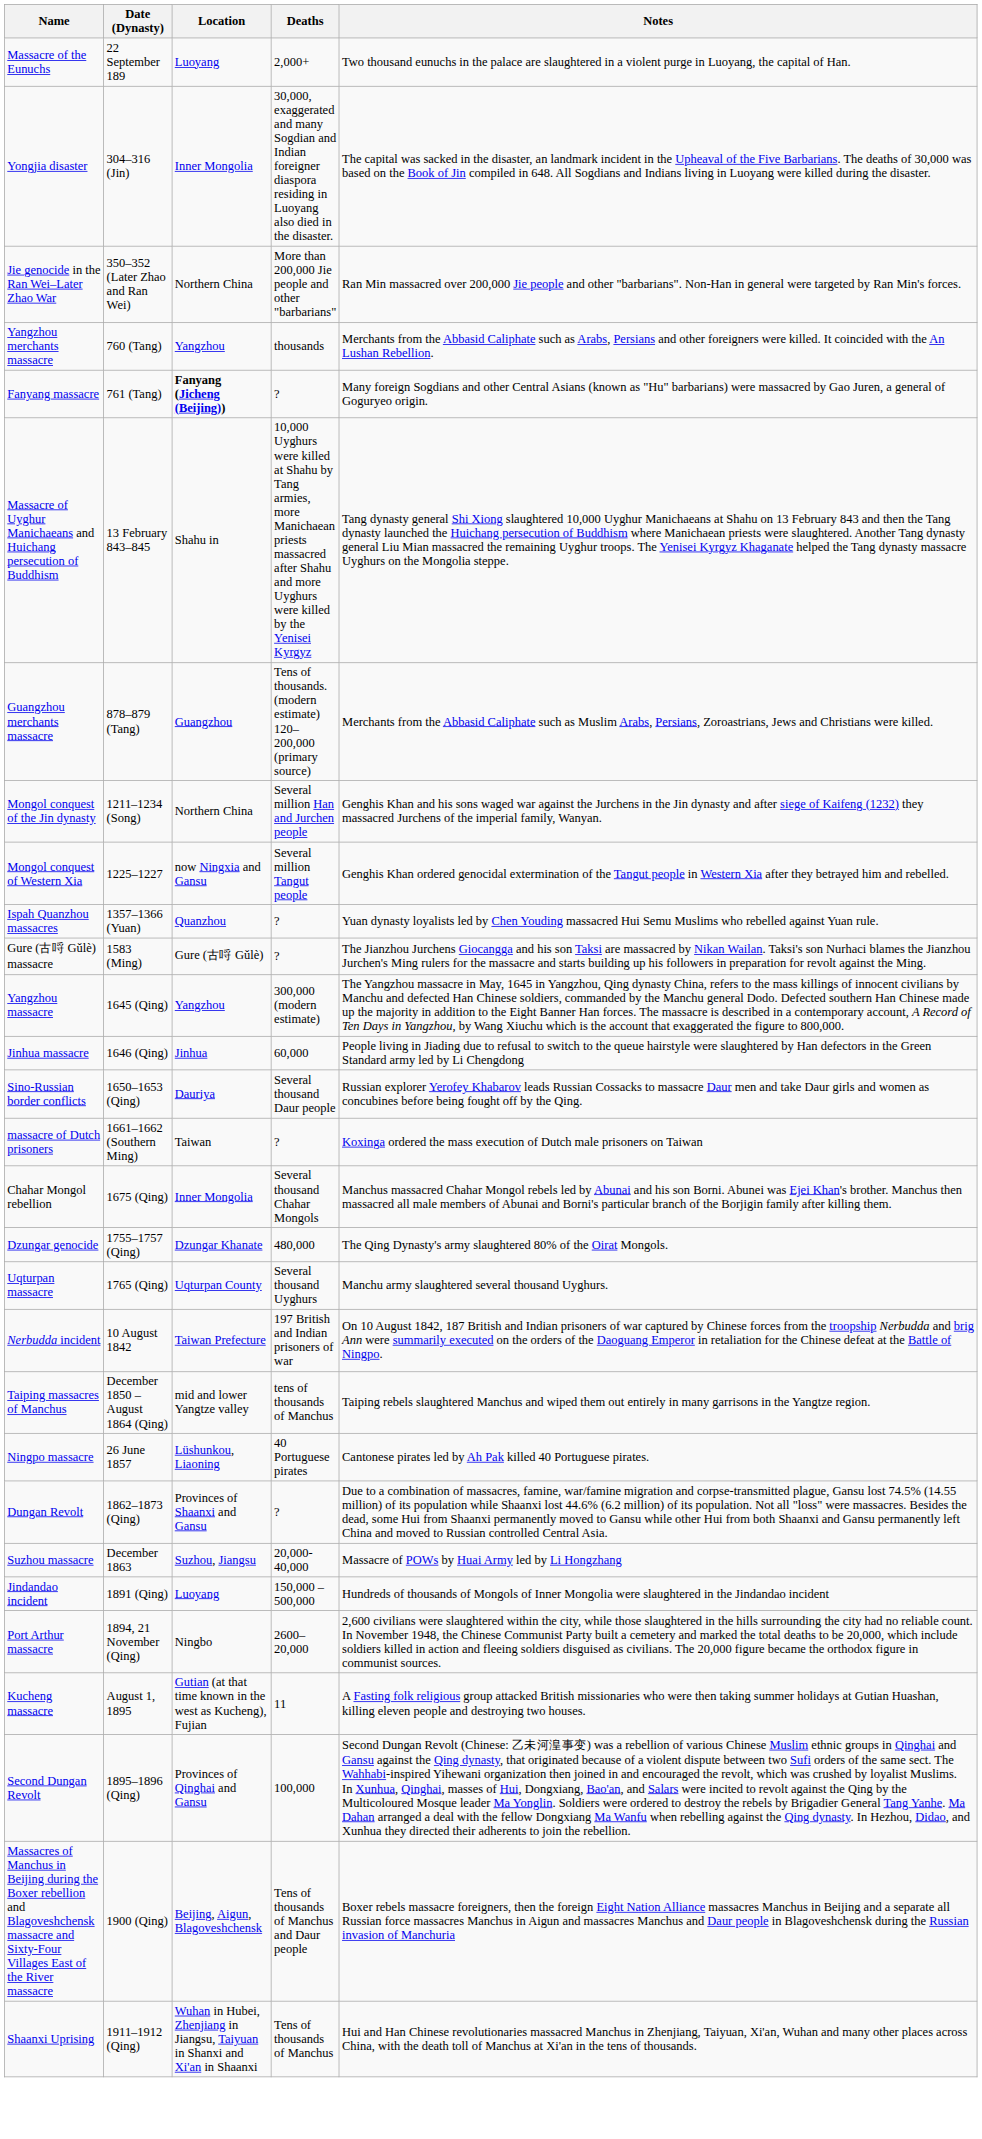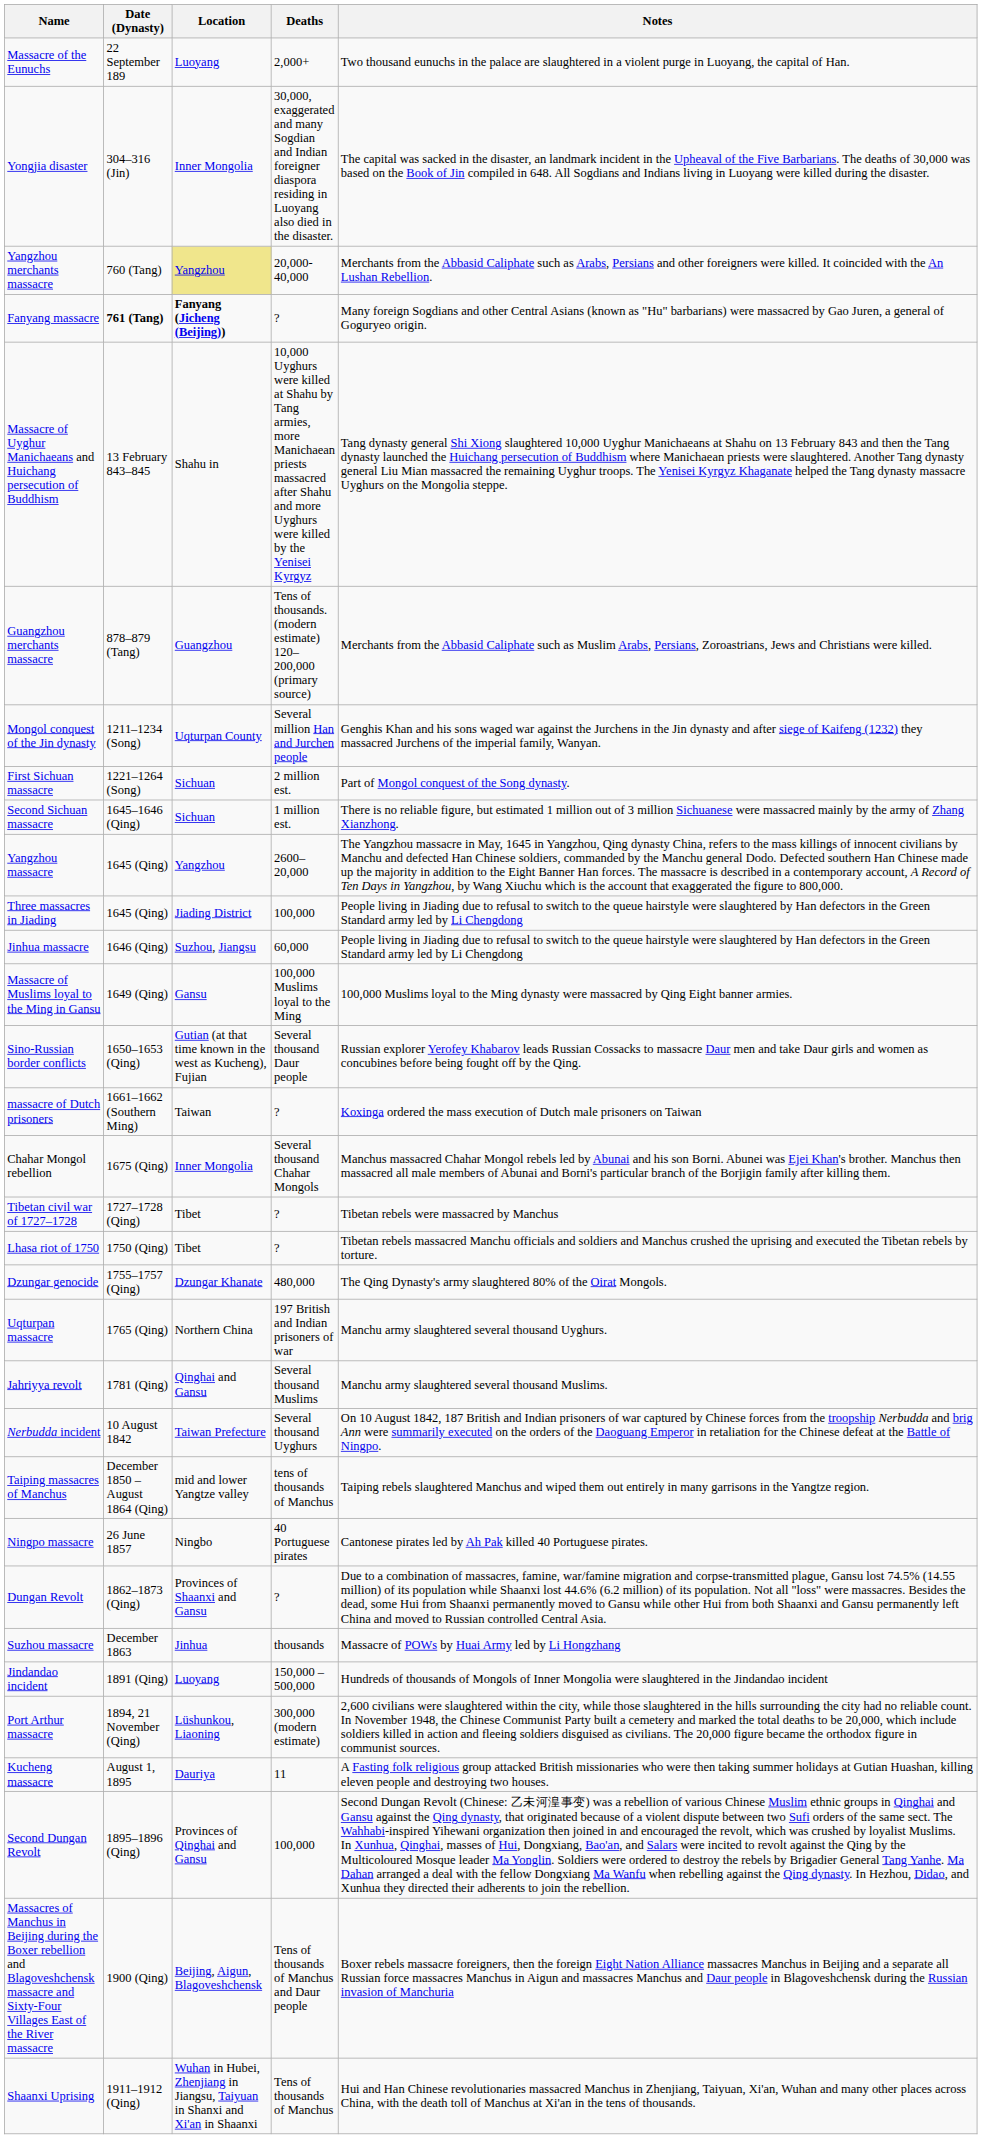 <table class="sortable wikitable">
 <tr>
 <th style="width:120px;">Name</th>
 <th style="width:80px;">Date (Dynasty)</th>
 <th style="width:120px;">Location</th>
 <th style="width:75px;">Deaths</th>
 <th class="unsortable">Notes</th>
 </tr>
 <tr>
 <td><a href='#'>Massacre of the Eunuchs</a></td>
 <td>22 September 189</td>
 <td><a href='#'>Luoyang</a></td>
 <td>2,000+</td>
 <td>Two thousand eunuchs in the palace are slaughtered in a violent purge in Luoyang, the capital of Han.</td>
 </tr>
 <tr>
 <td><a href='#'>Yongjia disaster</a></td>
 <td>304–316 (Jin)</td>
 <td><a href='#'>Inner Mongolia</a></td>
 <td>30,000, exaggerated and many Sogdian and Indian foreigner diaspora residing in Luoyang also died in the disaster.</td>
 <td>The capital was sacked in the disaster, an landmark incident in the <a href='#'>Upheaval of the Five Barbarians</a>. The deaths of 30,000 was based on the <a href='#'>Book of Jin</a> compiled in 648. All Sogdians and Indians living in Luoyang were killed during the disaster.</td>
 </tr>
 <tr>
-<td><a href='#'>Jie genocide</a> in the <a href='#'>Ran Wei–Later Zhao War</a></td>
-<td>350–352 (Later Zhao and Ran Wei)</td>
-<td>Northern China</td>
-<td>More than 200,000 Jie people and other "barbarians"</td>
-<td>Ran Min massacred over 200,000 <a href='#'>Jie people</a> and other "barbarians". Non-Han in general were targeted by Ran Min's forces.</td>
-</tr>
-<tr>
 <td><a href='#'>Yangzhou merchants massacre</a></td>
 <td>760 (Tang)</td>
-<td><a href='#'>Yangzhou</a></td>
-<td>thousands</td>
+<td style="background: khaki;"><a href='#'>Yangzhou</a></td>
+<td>20,000-40,000</td>
 <td>Merchants from the <a href='#'>Abbasid Caliphate</a> such as <a href='#'>Arabs</a>, <a href='#'>Persians</a> and other foreigners were killed. It coincided with the <a href='#'>An Lushan Rebellion</a>.</td>
 </tr>
 <tr>
 <td><a href='#'>Fanyang massacre</a></td>
-<td>761 (Tang)</td>
+<td><strong>761 (Tang)</strong></td>
 <td><strong>Fanyang (<a href='#'>Jicheng (Beijing)</a>)</strong></td>
 <td>?</td>
 <td>Many foreign Sogdians and other Central Asians (known as "Hu" barbarians) were massacred by Gao Juren, a general of Goguryeo origin.</td>
 </tr>
 <tr>
 <td><a href='#'>Massacre of Uyghur Manichaeans</a> and <a href='#'>Huichang persecution of Buddhism</a></td>
 <td>13 February 843–845</td>
 <td>Shahu in</td>
 <td>10,000 Uyghurs were killed at Shahu by Tang armies, more Manichaean priests massacred after Shahu and more Uyghurs were killed by the <a href='#'>Yenisei Kyrgyz</a></td>
 <td>Tang dynasty general <a href='#'>Shi Xiong</a> slaughtered 10,000 Uyghur Manichaeans at Shahu on 13 February 843 and then the Tang dynasty launched the <a href='#'>Huichang persecution of Buddhism</a> where Manichaean priests were slaughtered. Another Tang dynasty general Liu Mian massacred the remaining Uyghur troops. The <a href='#'>Yenisei Kyrgyz Khaganate</a> helped the Tang dynasty massacre Uyghurs on the Mongolia steppe.</td>
 </tr>
 <tr>
 <td><a href='#'>Guangzhou merchants massacre</a></td>
 <td>878–879 (Tang)</td>
 <td><a href='#'>Guangzhou</a></td>
 <td>Tens of thousands.<br>(modern estimate) 120–200,000 (primary source)</td>
 <td>Merchants from the <a href='#'>Abbasid Caliphate</a> such as Muslim <a href='#'>Arabs</a>, <a href='#'>Persians</a>, Zoroastrians, Jews and Christians were killed.</td>
 </tr>
 <tr>
 <td><a href='#'>Mongol conquest of the Jin dynasty</a></td>
 <td>1211–1234 (Song)</td>
-<td>Northern China</td>
+<td><a href='#'>Uqturpan County</a></td>
 <td>Several million <a href='#'>Han and Jurchen people</a></td>
 <td>Genghis Khan and his sons waged war against the Jurchens in the Jin dynasty and after <a href='#'>siege of Kaifeng (1232)</a> they massacred Jurchens of the imperial family, Wanyan.</td>
 </tr>
 <tr>
-<td><a href='#'>Mongol conquest of Western Xia</a></td>
-<td>1225–1227</td>
-<td>now <a href='#'>Ningxia</a> and <a href='#'>Gansu</a></td>
-<td>Several million <a href='#'>Tangut people</a></td>
-<td>Genghis Khan ordered genocidal extermination of the <a href='#'>Tangut people</a> in <a href='#'>Western Xia</a> after they betrayed him and rebelled.</td>
+<td><a href='#'>First Sichuan massacre</a></td>
+<td>1221–1264 (Song)</td>
+<td><a href='#'>Sichuan</a></td>
+<td>2 million est.</td>
+<td>Part of <a href='#'>Mongol conquest of the Song dynasty</a>.</td>
 </tr>
 <tr>
-<td><a href='#'>Ispah Quanzhou massacres</a></td>
-<td>1357–1366 (Yuan)</td>
-<td><a href='#'>Quanzhou</a></td>
-<td>?</td>
-<td>Yuan dynasty loyalists led by <a href='#'>Chen Youding</a> massacred Hui Semu Muslims who rebelled against Yuan rule.</td>
-</tr>
-<tr>
-<td>Gure (古哷 Gǔlè) massacre</td>
-<td>1583 (Ming)</td>
-<td>Gure (古哷 Gǔlè)</td>
-<td>?</td>
-<td>The Jianzhou Jurchens <a href='#'>Giocangga</a> and his son <a href='#'>Taksi</a> are massacred by <a href='#'>Nikan Wailan</a>. Taksi's son Nurhaci blames the Jianzhou Jurchen's Ming rulers for the massacre and starts building up his followers in preparation for revolt against the Ming.</td>
+<td><a href='#'>Second Sichuan massacre</a></td>
+<td>1645–1646 (Qing)</td>
+<td><a href='#'>Sichuan</a></td>
+<td>1 million est.</td>
+<td>There is no reliable figure, but estimated 1 million out of 3 million <a href='#'>Sichuanese</a> were massacred mainly by the army of <a href='#'>Zhang Xianzhong</a>.</td>
 </tr>
 <tr>
 <td><a href='#'>Yangzhou massacre</a></td>
 <td>1645 (Qing)</td>
 <td><a href='#'>Yangzhou</a></td>
-<td>300,000 (modern estimate)</td>
+<td>2600–20,000</td>
 <td>The Yangzhou massacre in May, 1645 in Yangzhou, Qing dynasty China, refers to the mass killings of innocent civilians by Manchu and defected Han Chinese soldiers, commanded by the Manchu general Dodo. Defected southern Han Chinese made up the majority in addition to the Eight Banner Han forces. The massacre is described in a contemporary account, <em>A Record of Ten Days in Yangzhou</em>, by Wang Xiuchu which is the account that exaggerated the figure to 800,000.</td>
+</tr>
+<tr>
+<td><a href='#'>Three massacres in Jiading</a></td>
+<td>1645 (Qing)</td>
+<td><a href='#'>Jiading District</a></td>
+<td>100,000</td>
+<td>People living in Jiading due to refusal to switch to the queue hairstyle were slaughtered by Han defectors in the Green Standard army led by <a href='#'>Li Chengdong</a></td>
 </tr>
 <tr>
 <td><a href='#'>Jinhua massacre</a></td>
 <td>1646 (Qing)</td>
-<td><a href='#'>Jinhua</a></td>
+<td><a href='#'>Suzhou</a>, <a href='#'>Jiangsu</a></td>
 <td>60,000</td>
 <td>People living in Jiading due to refusal to switch to the queue hairstyle were slaughtered by Han defectors in the Green Standard army led by Li Chengdong</td>
 </tr>
 <tr>
+<td><a href='#'>Massacre of Muslims loyal to the Ming in Gansu</a></td>
+<td>1649 (Qing)</td>
+<td><a href='#'>Gansu</a></td>
+<td>100,000 Muslims loyal to the Ming</td>
+<td>100,000 Muslims loyal to the Ming dynasty were massacred by Qing Eight banner armies.</td>
+</tr>
+<tr>
 <td><a href='#'>Sino-Russian border conflicts</a></td>
 <td>1650–1653 (Qing)</td>
-<td><a href='#'>Dauriya</a></td>
+<td><a href='#'>Gutian</a> (at that time known in the west as Kucheng), Fujian</td>
 <td>Several thousand Daur people</td>
 <td>Russian explorer <a href='#'>Yerofey Khabarov</a> leads Russian Cossacks to massacre <a href='#'>Daur</a> men and take Daur girls and women as concubines before being fought off by the Qing.</td>
 </tr>
 <tr>
 <td><a href='#'>massacre of Dutch prisoners</a></td>
 <td>1661–1662 (Southern Ming)</td>
 <td>Taiwan</td>
 <td>?</td>
 <td><a href='#'>Koxinga</a> ordered the mass execution of Dutch male prisoners on Taiwan</td>
 </tr>
 <tr>
 <td>Chahar Mongol rebellion</td>
 <td>1675 (Qing)</td>
 <td><a href='#'>Inner Mongolia</a></td>
 <td>Several thousand Chahar Mongols</td>
 <td>Manchus massacred Chahar Mongol rebels led by <a href='#'>Abunai</a> and his son Borni. Abunei was <a href='#'>Ejei Khan</a>'s brother. Manchus then massacred all male members of Abunai and Borni's particular branch of the Borjigin family after killing them.</td>
 </tr>
 <tr>
+<td><a href='#'>Tibetan civil war of 1727–1728</a></td>
+<td>1727–1728 (Qing)</td>
+<td>Tibet</td>
+<td>?</td>
+<td>Tibetan rebels were massacred by Manchus</td>
+</tr>
+<tr>
+<td><a href='#'>Lhasa riot of 1750</a></td>
+<td>1750 (Qing)</td>
+<td>Tibet</td>
+<td>?</td>
+<td>Tibetan rebels massacred Manchu officials and soldiers and Manchus crushed the uprising and executed the Tibetan rebels by torture.</td>
+</tr>
+<tr>
 <td><a href='#'>Dzungar genocide</a></td>
 <td>1755–1757 (Qing)</td>
 <td><a href='#'>Dzungar Khanate</a></td>
 <td>480,000</td>
 <td>The Qing Dynasty's army slaughtered 80% of the <a href='#'>Oirat</a> Mongols.</td>
 </tr>
 <tr>
 <td><a href='#'>Uqturpan massacre</a></td>
 <td>1765 (Qing)</td>
-<td><a href='#'>Uqturpan County</a></td>
-<td>Several thousand Uyghurs</td>
+<td>Northern China</td>
+<td>197 British and Indian prisoners of war</td>
 <td>Manchu army slaughtered several thousand Uyghurs.</td>
+</tr>
+<tr>
+<td><a href='#'>Jahriyya revolt</a></td>
+<td>1781 (Qing)</td>
+<td><a href='#'>Qinghai</a> and <a href='#'>Gansu</a></td>
+<td>Several thousand Muslims</td>
+<td>Manchu army slaughtered several thousand Muslims.</td>
 </tr>
 <tr>
 <td><a href='#'><em>Nerbudda</em> incident</a></td>
 <td>10 August 1842</td>
 <td><a href='#'>Taiwan Prefecture</a></td>
-<td>197 British and Indian prisoners of war</td>
+<td>Several thousand Uyghurs</td>
 <td>On 10 August 1842, 187 British and Indian prisoners of war captured by Chinese forces from the <a href='#'>troopship</a> <em>Nerbudda</em> and <a href='#'>brig</a> <em>Ann</em> were <a href='#'>summarily executed</a> on the orders of the <a href='#'>Daoguang Emperor</a> in retaliation for the Chinese defeat at the <a href='#'>Battle of Ningpo</a>.</td>
 </tr>
 <tr>
 <td><a href='#'>Taiping massacres of Manchus</a></td>
 <td>December 1850 – August 1864 (Qing)</td>
 <td>mid and lower Yangtze valley</td>
 <td>tens of thousands of Manchus</td>
 <td>Taiping rebels slaughtered Manchus and wiped them out entirely in many garrisons in the Yangtze region.</td>
 </tr>
 <tr>
 <td><a href='#'>Ningpo massacre</a></td>
 <td>26 June 1857</td>
-<td><a href='#'>Lüshunkou</a>, <a href='#'>Liaoning</a></td>
+<td>Ningbo</td>
 <td>40 Portuguese pirates</td>
 <td>Cantonese pirates led by <a href='#'>Ah Pak</a> killed 40 Portuguese pirates.</td>
 </tr>
 <tr>
 <td><a href='#'>Dungan Revolt</a></td>
 <td>1862–1873 (Qing)</td>
 <td>Provinces of <a href='#'>Shaanxi</a> and <a href='#'>Gansu</a></td>
 <td>?</td>
 <td>Due to a combination of massacres, famine, war/famine migration and corpse-transmitted plague, Gansu lost 74.5% (14.55 million) of its population while Shaanxi lost 44.6% (6.2 million) of its population. Not all "loss" were massacres. Besides the dead, some Hui from Shaanxi permanently moved to Gansu while other Hui from both Shaanxi and Gansu permanently left China and moved to Russian controlled Central Asia.</td>
 </tr>
 <tr>
 <td><a href='#'>Suzhou massacre</a></td>
 <td>December 1863</td>
-<td><a href='#'>Suzhou</a>, <a href='#'>Jiangsu</a></td>
-<td>20,000-40,000</td>
+<td><a href='#'>Jinhua</a></td>
+<td>thousands</td>
 <td>Massacre of <a href='#'>POWs</a> by <a href='#'>Huai Army</a> led by <a href='#'>Li Hongzhang</a></td>
 </tr>
 <tr>
 <td><a href='#'>Jindandao incident</a></td>
 <td>1891 (Qing)</td>
 <td><a href='#'>Luoyang</a></td>
 <td>150,000 – 500,000</td>
 <td>Hundreds of thousands of Mongols of Inner Mongolia were slaughtered in the Jindandao incident</td>
 </tr>
 <tr>
 <td><a href='#'>Port Arthur massacre</a></td>
 <td>1894, 21 November (Qing)</td>
-<td>Ningbo</td>
-<td>2600–20,000</td>
+<td><a href='#'>Lüshunkou</a>, <a href='#'>Liaoning</a></td>
+<td>300,000 (modern estimate)</td>
 <td>2,600 civilians were slaughtered within the city, while those slaughtered in the hills surrounding the city had no reliable count. In November 1948, the Chinese Communist Party built a cemetery and marked the total deaths to be 20,000, which include soldiers killed in action and fleeing soldiers disguised as civilians. The 20,000 figure became the orthodox figure in communist sources.</td>
 </tr>
 <tr>
 <td><a href='#'>Kucheng massacre</a></td>
 <td>August 1, 1895</td>
-<td><a href='#'>Gutian</a> (at that time known in the west as Kucheng), Fujian</td>
+<td><a href='#'>Dauriya</a></td>
 <td>11</td>
 <td>A <a href='#'>Fasting folk religious</a> group attacked British missionaries who were then taking summer holidays at Gutian Huashan, killing eleven people and destroying two houses.</td>
 </tr>
 <tr>
 <td><a href='#'>Second Dungan Revolt</a></td>
 <td>1895–1896 (Qing)</td>
 <td>Provinces of <a href='#'>Qinghai</a> and <a href='#'>Gansu</a></td>
 <td>100,000</td>
 <td>Second Dungan Revolt (Chinese: 乙未河湟事变) was a rebellion of various Chinese <a href='#'>Muslim</a> ethnic groups in <a href='#'>Qinghai</a> and <a href='#'>Gansu</a> against the <a href='#'>Qing dynasty</a>, that originated because of a violent dispute between two <a href='#'>Sufi</a> orders of the same sect. The <a href='#'>Wahhabi</a>-inspired Yihewani organization then joined in and encouraged the revolt, which was crushed by loyalist Muslims.<br>In <a href='#'>Xunhua</a>, <a href='#'>Qinghai</a>, masses of <a href='#'>Hui</a>, Dongxiang, <a href='#'>Bao'an</a>, and <a href='#'>Salars</a> were incited to revolt against the Qing by the Multicoloured Mosque leader <a href='#'>Ma Yonglin</a>. Soldiers were ordered to destroy the rebels by Brigadier General <a href='#'>Tang Yanhe</a>. <a href='#'>Ma Dahan</a> arranged a deal with the fellow Dongxiang <a href='#'>Ma Wanfu</a> when rebelling against the <a href='#'>Qing dynasty</a>. In Hezhou, <a href='#'>Didao</a>, and Xunhua they directed their adherents to join the rebellion.</td>
 </tr>
 <tr>
 <td><a href='#'>Massacres of Manchus in Beijing during the Boxer rebellion</a> and <a href='#'>Blagoveshchensk massacre and Sixty-Four Villages East of the River massacre</a></td>
 <td>1900 (Qing)</td>
 <td><a href='#'>Beijing</a>, <a href='#'>Aigun</a>, <a href='#'>Blagoveshchensk</a></td>
 <td>Tens of thousands of Manchus and Daur people</td>
 <td>Boxer rebels massacre foreigners, then the foreign <a href='#'>Eight Nation Alliance</a> massacres Manchus in Beijing and a separate all Russian force massacres Manchus in Aigun and massacres Manchus and <a href='#'>Daur people</a> in Blagoveshchensk during the <a href='#'>Russian invasion of Manchuria</a></td>
 </tr>
 <tr>
 <td><a href='#'>Shaanxi Uprising</a></td>
 <td>1911–1912 (Qing)</td>
 <td><a href='#'>Wuhan</a> in Hubei, <a href='#'>Zhenjiang</a> in Jiangsu, <a href='#'>Taiyuan</a> in Shanxi and <a href='#'>Xi'an</a> in Shaanxi</td>
 <td>Tens of thousands of Manchus</td>
 <td>Hui and Han Chinese revolutionaries massacred Manchus in Zhenjiang, Taiyuan, Xi'an, Wuhan and many other places across China, with the death toll of Manchus at Xi'an in the tens of thousands.</td>
 </tr>
 </table>
